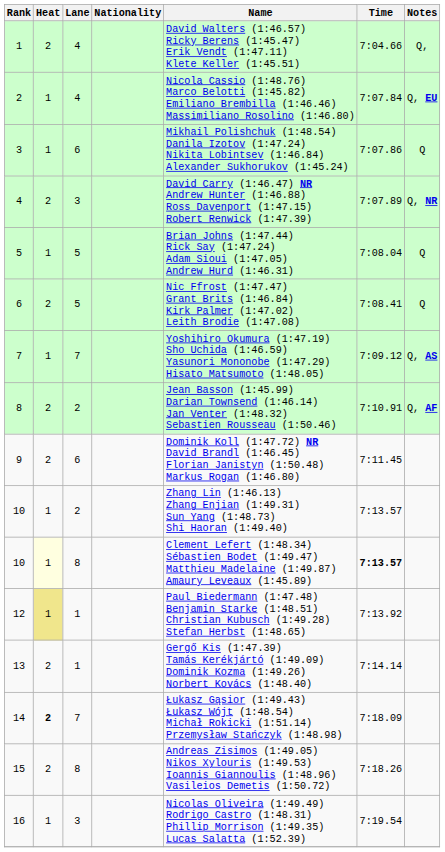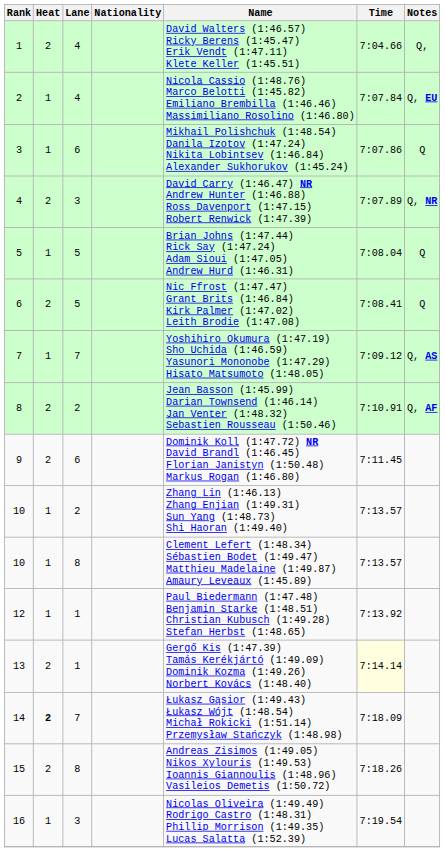 <table class="wikitable sortable" style="text-align:center">
 <tr>
 <th>Rank</th>
 <th>Heat</th>
 <th>Lane</th>
 <th>Nationality</th>
 <th>Name</th>
 <th>Time</th>
 <th>Notes</th>
 </tr>
 <tr bgcolor=ccffcc>
 <td>1</td>
 <td>2</td>
 <td>4</td>
 <td align=left></td>
 <td align=left><a href='#'>David Walters</a> (1:46.57)<br> <a href='#'>Ricky Berens</a> (1:45.47)<br><a href='#'>Erik Vendt</a> (1:47.11)<br><a href='#'>Klete Keller</a> (1:45.51)</td>
 <td>7:04.66</td>
 <td>Q, </td>
 </tr>
 <tr bgcolor=ccffcc>
 <td>2</td>
 <td>1</td>
 <td>4</td>
 <td align=left></td>
 <td align=left><a href='#'>Nicola Cassio</a> (1:48.76)<br> <a href='#'>Marco Belotti</a> (1:45.82)<br><a href='#'>Emiliano Brembilla</a> (1:46.46)<br><a href='#'>Massimiliano Rosolino</a> (1:46.80)</td>
 <td>7:07.84</td>
 <td>Q, <strong><a href='#'>EU</a></strong></td>
 </tr>
 <tr bgcolor=ccffcc>
 <td>3</td>
 <td>1</td>
 <td>6</td>
 <td align=left></td>
 <td align=left><a href='#'>Mikhail Polishchuk</a> (1:48.54)<br> <a href='#'>Danila Izotov</a> (1:47.24)<br><a href='#'>Nikita Lobintsev</a> (1:46.84)<br><a href='#'>Alexander Sukhorukov</a> (1:45.24)</td>
 <td>7:07.86</td>
 <td>Q</td>
 </tr>
 <tr bgcolor=ccffcc>
 <td>4</td>
 <td>2</td>
 <td>3</td>
 <td align=left></td>
 <td align=left><a href='#'>David Carry</a> (1:46.47) <strong><a href='#'>NR</a></strong><br> <a href='#'>Andrew Hunter</a> (1:46.88)<br><a href='#'>Ross Davenport</a> (1:47.15)<br><a href='#'>Robert Renwick</a> (1:47.39)</td>
 <td>7:07.89</td>
 <td>Q, <strong><a href='#'>NR</a></strong></td>
 </tr>
 <tr bgcolor=ccffcc>
 <td>5</td>
 <td>1</td>
 <td>5</td>
 <td align=left></td>
 <td align=left><a href='#'>Brian Johns</a> (1:47.44)<br> <a href='#'>Rick Say</a> (1:47.24)<br><a href='#'>Adam Sioui</a> (1:47.05)<br><a href='#'>Andrew Hurd</a> (1:46.31)</td>
 <td>7:08.04</td>
 <td>Q</td>
 </tr>
 <tr bgcolor=ccffcc>
 <td>6</td>
 <td>2</td>
 <td>5</td>
 <td align=left></td>
 <td align=left><a href='#'>Nic Ffrost</a> (1:47.47)<br> <a href='#'>Grant Brits</a> (1:46.84)<br><a href='#'>Kirk Palmer</a> (1:47.02)<br><a href='#'>Leith Brodie</a> (1:47.08)</td>
 <td>7:08.41</td>
 <td>Q</td>
 </tr>
 <tr bgcolor=ccffcc>
 <td>7</td>
 <td>1</td>
 <td>7</td>
 <td align=left></td>
 <td align=left><a href='#'>Yoshihiro Okumura</a> (1:47.19)<br> <a href='#'>Sho Uchida</a> (1:46.59)<br><a href='#'>Yasunori Mononobe</a> (1:47.29)<br><a href='#'>Hisato Matsumoto</a> (1:48.05)</td>
 <td>7:09.12</td>
 <td>Q, <strong><a href='#'>AS</a></strong></td>
 </tr>
 <tr bgcolor=ccffcc>
 <td>8</td>
 <td>2</td>
 <td>2</td>
 <td align=left></td>
 <td align=left><a href='#'>Jean Basson</a> (1:45.99)<br> <a href='#'>Darian Townsend</a> (1:46.14)<br><a href='#'>Jan Venter</a> (1:48.32)<br><a href='#'>Sebastien Rousseau</a> (1:50.46)</td>
 <td>7:10.91</td>
 <td>Q, <strong><a href='#'>AF</a></strong></td>
 </tr>
 <tr>
 <td>9</td>
 <td>2</td>
 <td>6</td>
 <td align=left></td>
 <td align=left><a href='#'>Dominik Koll</a> (1:47.72) <strong><a href='#'>NR</a></strong><br> <a href='#'>David Brandl</a> (1:46.45)<br><a href='#'>Florian Janistyn</a> (1:50.48)<br><a href='#'>Markus Rogan</a> (1:46.80)</td>
 <td>7:11.45</td>
 <td></td>
 </tr>
 <tr>
 <td>10</td>
 <td>1</td>
 <td>2</td>
 <td align=left></td>
 <td align=left><a href='#'>Zhang Lin</a> (1:46.13)<br> <a href='#'>Zhang Enjian</a> (1:49.31)<br><a href='#'>Sun Yang</a> (1:48.73)<br> <a href='#'>Shi Haoran</a> (1:49.40)</td>
 <td>7:13.57</td>
 <td></td>
 </tr>
 <tr>
 <td>10</td>
-<td style="background: lightyellow;">1</td>
+<td>1</td>
 <td>8</td>
 <td align=left></td>
 <td align=left><a href='#'>Clement Lefert</a> (1:48.34)<br> <a href='#'>Sébastien Bodet</a> (1:49.47)<br><a href='#'>Matthieu Madelaine</a> (1:49.87)<br> <a href='#'>Amaury Leveaux</a> (1:45.89)</td>
-<td><strong>7:13.57</strong></td>
+<td>7:13.57</td>
 <td></td>
 </tr>
 <tr>
 <td>12</td>
-<td style="background: khaki;">1</td>
+<td>1</td>
 <td>1</td>
 <td align=left></td>
 <td align=left><a href='#'>Paul Biedermann</a> (1:47.48)<br> <a href='#'>Benjamin Starke</a> (1:48.51)<br><a href='#'>Christian Kubusch</a> (1:49.28)<br> <a href='#'>Stefan Herbst</a> (1:48.65)</td>
 <td>7:13.92</td>
 <td></td>
 </tr>
 <tr>
 <td>13</td>
 <td>2</td>
 <td>1</td>
 <td align=left></td>
 <td align=left><a href='#'>Gergő Kis</a> (1:47.39)<br> <a href='#'>Tamás Kerékjártó</a> (1:49.09)<br><a href='#'>Dominik Kozma</a> (1:49.26)<br> <a href='#'>Norbert Kovács</a> (1:48.40)</td>
-<td>7:14.14</td>
+<td style="background: lightyellow;">7:14.14</td>
 <td></td>
 </tr>
 <tr>
 <td>14</td>
 <td><strong>2</strong></td>
 <td>7</td>
 <td align=left></td>
 <td align=left><a href='#'>Łukasz Gąsior</a> (1:49.43)<br> <a href='#'>Łukasz Wójt</a> (1:48.54)<br><a href='#'>Michał Rokicki</a> (1:51.14)<br> <a href='#'>Przemysław Stańczyk</a> (1:48.98)</td>
 <td>7:18.09</td>
 <td></td>
 </tr>
 <tr>
 <td>15</td>
 <td>2</td>
 <td>8</td>
 <td align=left></td>
 <td align=left><a href='#'>Andreas Zisimos</a> (1:49.05)<br> <a href='#'>Nikos Xylouris</a>  (1:49.53)<br><a href='#'>Ioannis Giannoulis</a> (1:48.96)<br> <a href='#'>Vasileios Demetis</a> (1:50.72)</td>
 <td>7:18.26</td>
 <td></td>
 </tr>
 <tr>
 <td>16</td>
 <td>1</td>
 <td>3</td>
 <td align=left></td>
 <td align=left><a href='#'>Nicolas Oliveira</a> (1:49.49)<br> <a href='#'>Rodrigo Castro</a>  (1:48.31)<br><a href='#'>Phillip Morrison</a> (1:49.35)<br> <a href='#'>Lucas Salatta</a> (1:52.39)</td>
 <td>7:19.54</td>
 <td></td>
 </tr>
 <tr>
 </tr>
 </table>
